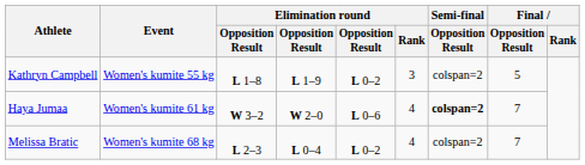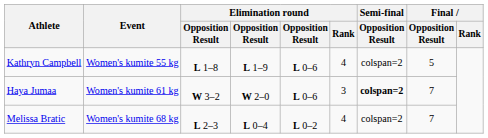 <table class=wikitable style=font-size:90%;text-align:center>
 <tr>
 <th rowspan=2>Athlete</th>
 <th rowspan=2>Event</th>
 <th colspan=4>Elimination round</th>
 <th>Semi-final</th>
 <th colspan=2>Final / </th>
 </tr>
 <tr style=font-size:95%>
 <th>Opposition<br>Result</th>
 <th>Opposition<br>Result</th>
 <th>Opposition<br>Result</th>
 <th>Rank</th>
 <th>Opposition<br>Result</th>
 <th>Opposition<br>Result</th>
 <th>Rank</th>
 </tr>
 <tr>
 <td align=left><a href='#'>Kathryn Campbell</a></td>
 <td align=left><a href='#'>Women's kumite 55 kg</a></td>
 <td><br><strong>L</strong> 1–8</td>
 <td><br><strong>L</strong> 1–9</td>
-<td><br><strong>L</strong> 0–2</td>
-<td>3</td>
+<td><br><strong>L</strong> 0–6</td>
+<td>4</td>
 <td>colspan=2 </td>
 <td>5</td>
 </tr>
 <tr>
 <td align=left><a href='#'>Haya Jumaa</a></td>
 <td align=left><a href='#'>Women's kumite 61 kg</a></td>
 <td><br><strong>W</strong> 3–2</td>
 <td><br><strong>W</strong> 2–0</td>
 <td><br><strong>L</strong> 0–6</td>
-<td>4</td>
+<td>3</td>
 <td><strong>colspan=2 </strong></td>
 <td>7</td>
 </tr>
 <tr>
 <td align=left><a href='#'>Melissa Bratic</a></td>
 <td align=left><a href='#'>Women's kumite 68 kg</a></td>
 <td><br><strong>L</strong> 2–3</td>
 <td><br><strong>L</strong> 0–4</td>
 <td><br><strong>L</strong> 0–2</td>
 <td>4</td>
 <td>colspan=2 </td>
 <td>7</td>
 </tr>
 </table>
